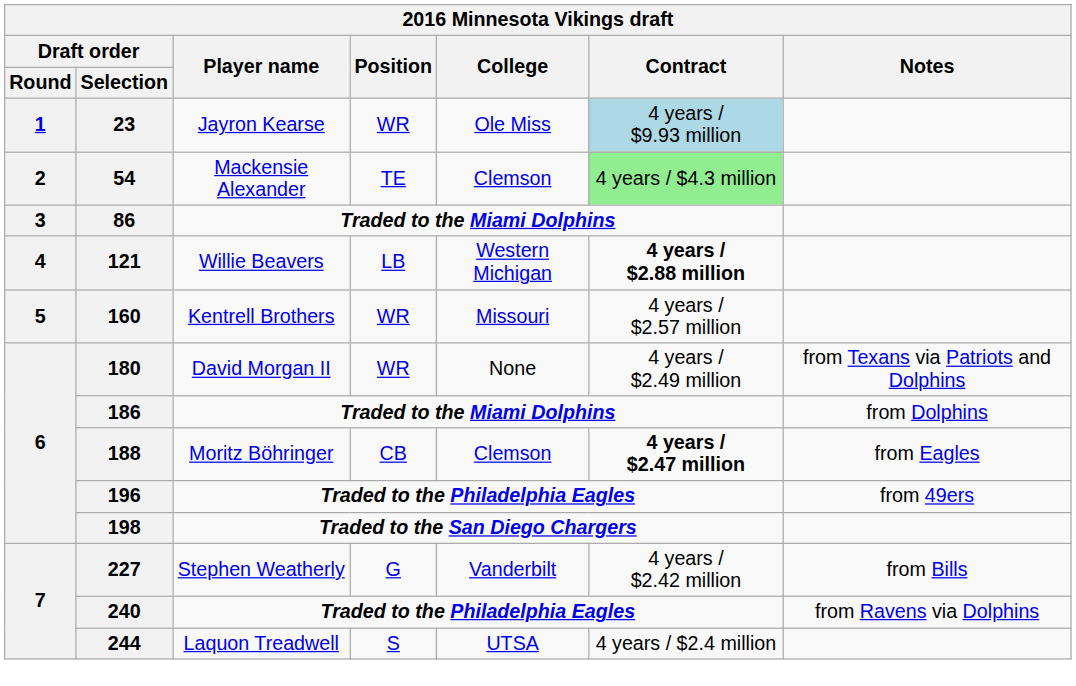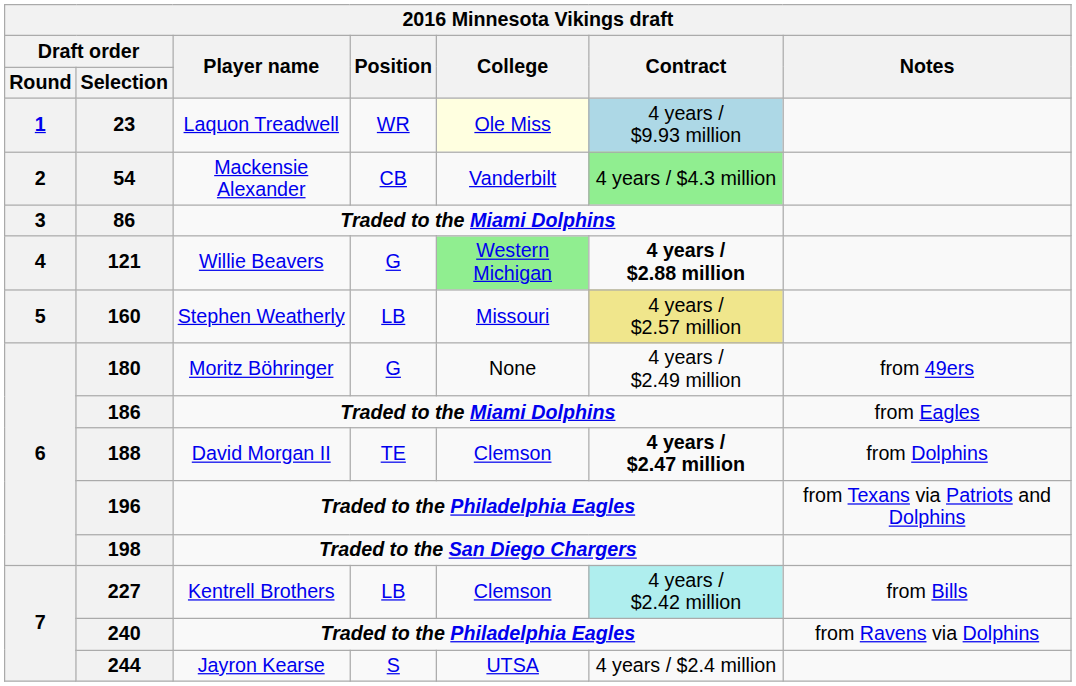 <table class="wikitable" style="text-align:center">
 <tr>
 <th colspan="8">2016 Minnesota Vikings draft</th>
 </tr>
 <tr>
 <th colspan="2">Draft order</th>
 <th rowspan="2">Player name</th>
 <th rowspan="2">Position</th>
 <th rowspan="2">College</th>
 <th rowspan="2">Contract</th>
 <th rowspan="2">Notes</th>
 </tr>
 <tr>
 <th>Round</th>
 <th>Selection</th>
 </tr>
 <tr>
 <th><a href='#'>1</a></th>
 <th>23</th>
-<td><a href='#'>Jayron Kearse</a></td>
+<td><a href='#'>Laquon Treadwell</a></td>
 <td><a href='#'>WR</a></td>
-<td><a href='#'>Ole Miss</a></td>
+<td style="background: lightyellow;"><a href='#'>Ole Miss</a></td>
 <td style="background: lightblue;">4 years / $9.93 million</td>
 <td></td>
 </tr>
 <tr>
 <th>2</th>
 <th>54</th>
 <td><a href='#'>Mackensie Alexander</a></td>
-<td><a href='#'>TE</a></td>
-<td><a href='#'>Clemson</a></td>
+<td><a href='#'>CB</a></td>
+<td><a href='#'>Vanderbilt</a></td>
 <td style="background: lightgreen;">4 years / $4.3 million</td>
 <td></td>
 </tr>
 <tr>
 <th>3</th>
 <th>86</th>
 <td colspan="4"><strong><em>Traded to the <a href='#'>Miami Dolphins</a></em></strong></td>
 <td></td>
 </tr>
 <tr>
 <th>4</th>
 <th>121</th>
 <td><a href='#'>Willie Beavers</a></td>
-<td><a href='#'>LB</a></td>
-<td><a href='#'>Western Michigan</a></td>
+<td><a href='#'>G</a></td>
+<td style="background: lightgreen;"><a href='#'>Western Michigan</a></td>
 <td><strong>4 years / $2.88 million</strong></td>
 <td></td>
 </tr>
 <tr>
 <th>5</th>
 <th>160</th>
-<td><a href='#'>Kentrell Brothers</a></td>
-<td><a href='#'>WR</a></td>
+<td><a href='#'>Stephen Weatherly</a></td>
+<td><a href='#'>LB</a></td>
 <td><a href='#'>Missouri</a></td>
-<td>4 years / $2.57 million</td>
+<td style="background: khaki;">4 years / $2.57 million</td>
 <td></td>
 </tr>
 <tr>
 <th rowspan="5">6</th>
 <th>180</th>
-<td><a href='#'>David Morgan II</a></td>
-<td><a href='#'>WR</a></td>
+<td><a href='#'>Moritz Böhringer</a></td>
+<td><a href='#'>G</a></td>
 <td>None</td>
 <td>4 years / $2.49 million</td>
-<td>from <a href='#'>Texans</a> via <a href='#'>Patriots</a> and <a href='#'>Dolphins</a></td>
+<td>from <a href='#'>49ers</a></td>
 </tr>
 <tr>
 <th>186</th>
 <td colspan="4"><strong><em>Traded to the <a href='#'>Miami Dolphins</a></em></strong></td>
-<td>from <a href='#'>Dolphins</a></td>
+<td>from <a href='#'>Eagles</a></td>
 </tr>
 <tr>
 <th>188</th>
-<td><a href='#'>Moritz Böhringer</a></td>
-<td><a href='#'>CB</a></td>
+<td><a href='#'>David Morgan II</a></td>
+<td><a href='#'>TE</a></td>
 <td><a href='#'>Clemson</a></td>
 <td><strong>4 years / $2.47 million</strong></td>
-<td>from <a href='#'>Eagles</a></td>
+<td>from <a href='#'>Dolphins</a></td>
 </tr>
 <tr>
 <th>196</th>
 <td colspan="4"><strong><em>Traded to the <a href='#'>Philadelphia Eagles</a></em></strong></td>
-<td>from <a href='#'>49ers</a></td>
+<td>from <a href='#'>Texans</a> via <a href='#'>Patriots</a> and <a href='#'>Dolphins</a></td>
 </tr>
 <tr>
 <th>198</th>
 <td colspan="4"><strong><em>Traded to the <a href='#'>San Diego Chargers</a></em></strong></td>
 <td></td>
 </tr>
 <tr>
 <th rowspan="3">7</th>
 <th>227</th>
-<td><a href='#'>Stephen Weatherly</a></td>
-<td><a href='#'>G</a></td>
-<td><a href='#'>Vanderbilt</a></td>
-<td>4 years / $2.42 million</td>
+<td><a href='#'>Kentrell Brothers</a></td>
+<td><a href='#'>LB</a></td>
+<td><a href='#'>Clemson</a></td>
+<td style="background: paleturquoise;">4 years / $2.42 million</td>
 <td>from <a href='#'>Bills</a></td>
 </tr>
 <tr>
 <th>240</th>
 <td colspan="4"><strong><em>Traded to the <a href='#'>Philadelphia Eagles</a></em></strong></td>
 <td>from <a href='#'>Ravens</a> via <a href='#'>Dolphins</a></td>
 </tr>
 <tr>
 <th>244</th>
-<td><a href='#'>Laquon Treadwell</a></td>
+<td><a href='#'>Jayron Kearse</a></td>
 <td><a href='#'>S</a></td>
 <td><a href='#'>UTSA</a></td>
 <td>4 years / $2.4 million</td>
 <td></td>
 </tr>
 </table>
